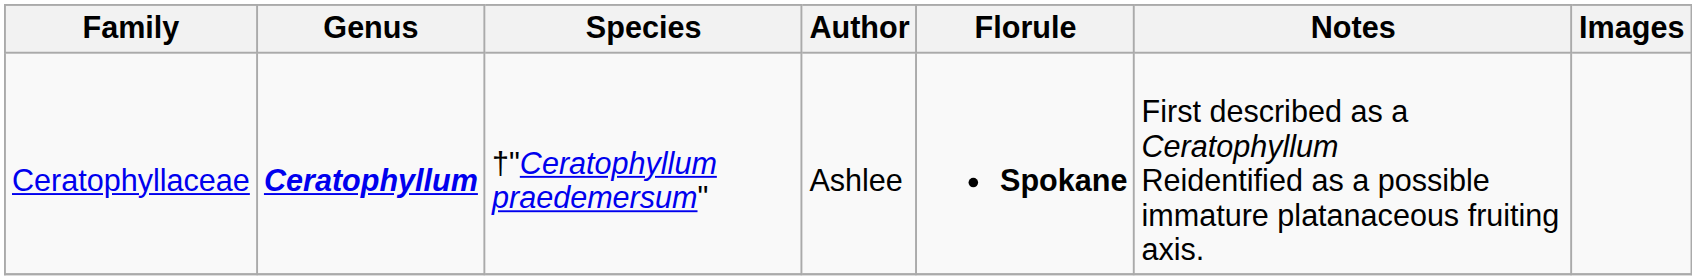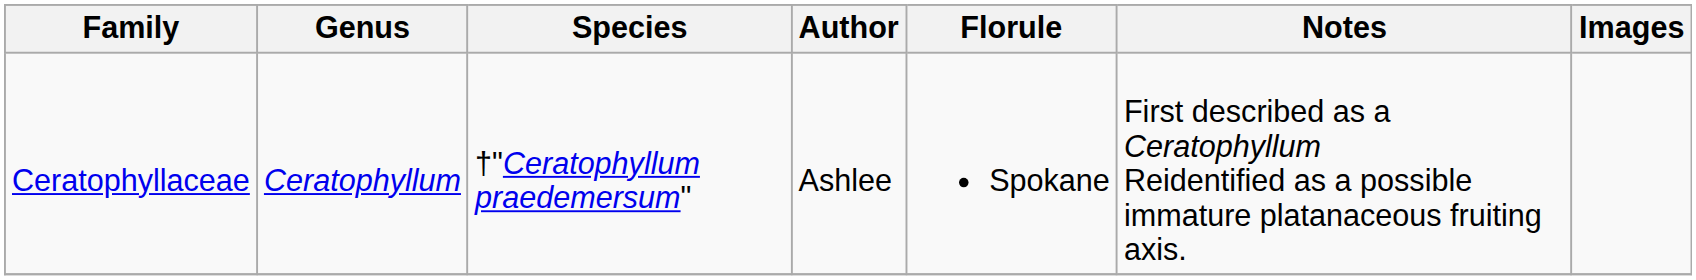 <table class="wikitable sortable mw-collapsible" style="margin:auto; width:100%">
 <tr>
 <th>Family</th>
 <th>Genus</th>
 <th>Species</th>
 <th>Author</th>
 <th>Florule</th>
 <th>Notes</th>
 <th>Images</th>
 </tr>
 <tr>
 <td><br><a href='#'>Ceratophyllaceae</a></td>
-<td><strong><br><em><a href='#'>Ceratophyllum</a></em></strong></td>
+<td><br><em><a href='#'>Ceratophyllum</a></em></td>
 <td><br>†"<em><a href='#'>Ceratophyllum praedemersum</a></em>"</td>
 <td><br>Ashlee</td>
-<td><strong><br><ul><li>Spokane</li></ul></strong></td>
+<td><br><ul><li>Spokane</li></ul></td>
 <td><br>First described as a <em>Ceratophyllum</em><br>Reidentified as a possible immature platanaceous fruiting axis.</td>
 <td></td>
 </tr>
 <tr>
 </tr>
 </table>
